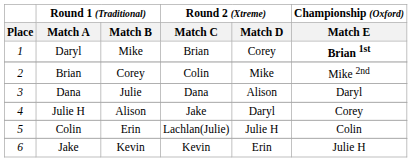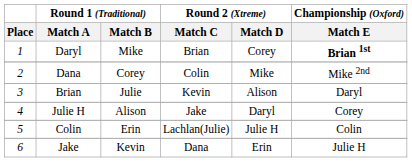 <table class="wikitable" style="text-align:center;">
 <tr>
 <th colspan="1" style="background: #ffffff;"></th>
 <th colspan="2" style="background: #ffffff;" style="border: 1px solid blue;">Round 1 <small><em>(Traditional)</em></small></th>
 <th colspan="2" style="background: #ffffff;" style="border: 1px solid red;">Round 2 <small><em>(Xtreme)</em></small></th>
 <th colspan="1" style="background: #ffffff;" style="border: 1px solid gold;">Championship <small><em>(Oxford)</em></small></th>
 </tr>
 <tr>
 <th style="width:10px;">Place</th>
 <th style="width:83px;">Match A</th>
 <th style="width:75px;">Match B</th>
 <th style="width:75px;">Match C</th>
 <th style="width:75px;">Match D</th>
 <th colspan="2">Match E</th>
 </tr>
 <tr style="background:#ffffff;">
 <td align=center><em>1</em></td>
 <td>Daryl</td>
 <td>Mike</td>
 <td>Brian</td>
 <td>Corey</td>
 <td><strong>Brian <sup>1st</sup></strong></td>
 </tr>
 <tr>
 </tr>
 <tr style="background:#ffffff;">
 <td align=center><em>2</em></td>
-<td>Brian</td>
+<td>Dana</td>
 <td>Corey</td>
 <td>Colin</td>
 <td>Mike</td>
 <td>Mike <sup>2nd</sup></td>
 </tr>
 <tr>
 </tr>
 <tr style="background:#ffffff;">
 <td align=center><em>3</em></td>
-<td>Dana</td>
+<td>Brian</td>
 <td>Julie</td>
-<td>Dana</td>
+<td>Kevin</td>
 <td>Alison</td>
 <td>Daryl</td>
 </tr>
 <tr>
 </tr>
 <tr style="background:#ffffff;">
 <td align=center><em>4</em></td>
 <td>Julie H</td>
 <td>Alison</td>
 <td>Jake</td>
 <td>Daryl</td>
 <td>Corey</td>
 </tr>
 <tr>
 </tr>
 <tr style="background:#ffffff;">
 <td align=center><em>5</em></td>
 <td>Colin</td>
 <td>Erin</td>
 <td>Lachlan(Julie)</td>
 <td>Julie H</td>
 <td>Colin</td>
 </tr>
 <tr>
 </tr>
 <tr style="background:#ffffff;">
 <td align=center><em>6</em></td>
 <td>Jake</td>
 <td>Kevin</td>
-<td>Kevin</td>
+<td>Dana</td>
 <td>Erin</td>
 <td>Julie H</td>
 </tr>
 </table>
